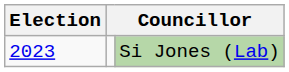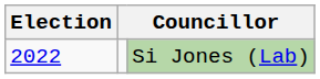 <table class="wikitable">
 <tr>
 <th>Election</th>
 <th colspan="2">Councillor</th>
 </tr>
 <tr>
-<td><a href='#'>2023</a></td>
+<td><a href='#'>2022</a></td>
 <td style="background-color: "></td>
 <td bgcolor="#B6D7A8">Si Jones (<a href='#'>Lab</a>)</td>
 </tr>
 </table>
